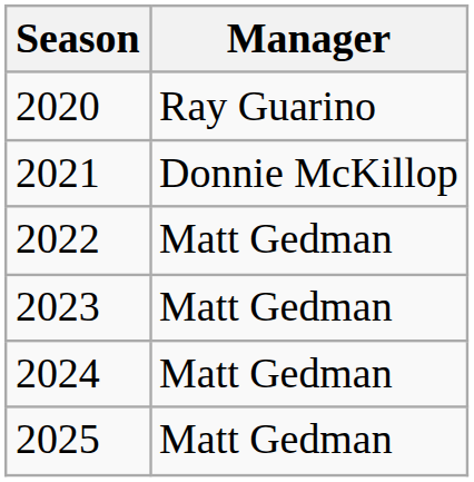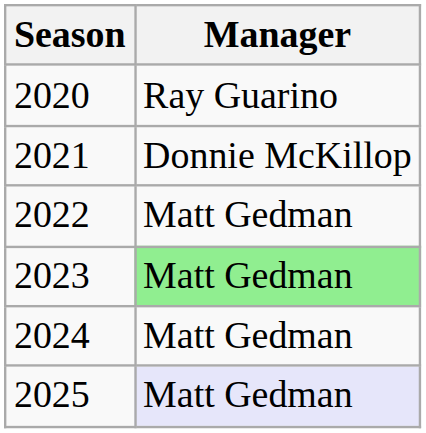 <table class="wikitable">
 <tr>
 <th>Season</th>
 <th>Manager</th>
 </tr>
 <tr>
 <td>2020</td>
 <td>Ray Guarino</td>
 </tr>
 <tr>
 <td>2021</td>
 <td>Donnie McKillop</td>
 </tr>
 <tr>
 <td>2022</td>
 <td>Matt Gedman</td>
 </tr>
 <tr>
 <td>2023</td>
-<td>Matt Gedman</td>
+<td style="background: lightgreen;">Matt Gedman</td>
 </tr>
 <tr>
 <td>2024</td>
 <td>Matt Gedman</td>
 </tr>
 <tr>
 <td>2025</td>
-<td>Matt Gedman</td>
+<td style="background: lavender;">Matt Gedman</td>
 </tr>
 </table>
